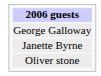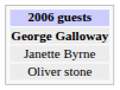 <table class="infobox" style="text-align:center;">
 <tr>
 <th style="background:#ccf;">2006 guests</th>
 </tr>
 <tr>
-<td style="background:#ececec;">George Galloway</td>
+<td style="background:#ececec;"><strong>George Galloway</strong></td>
 </tr>
 <tr>
 <td style="background:#ececec;">Janette Byrne</td>
 </tr>
 <tr>
 <td style="background:#ececec;">Oliver stone</td>
 </tr>
 </table>
